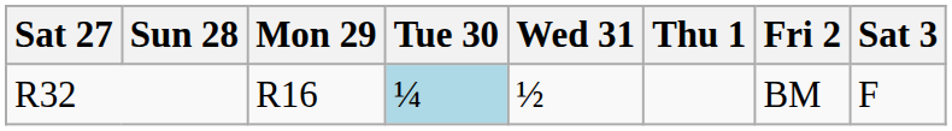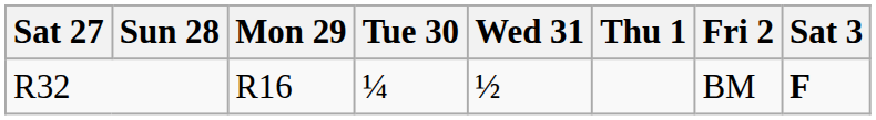 <table class="wikitable olympic-schedule tennis">
 <tr>
 <th>Sat 27</th>
 <th>Sun 28</th>
 <th>Mon 29</th>
 <th>Tue 30</th>
 <th>Wed 31</th>
 <th>Thu 1</th>
 <th colspan=2>Fri 2</th>
 <th>Sat 3</th>
 </tr>
 <tr>
 <td colspan=2 class="prelims">R32</td>
 <td class="prelims">R16</td>
-<td class="quarterfinals" style="background: lightblue;">¼</td>
+<td class="quarterfinals">¼</td>
 <td class="semifinals">½</td>
 <td></td>
 <td colspan=2 class="final">BM</td>
-<td class="final">F</td>
+<td class="final"><strong>F</strong></td>
 </tr>
 </table>
